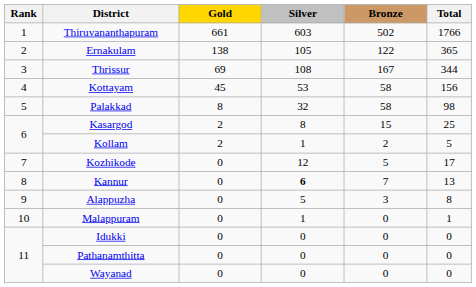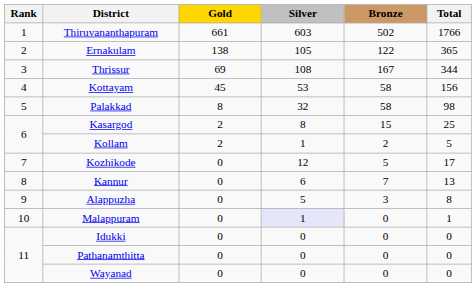 <table class="wikitable sortable" style="font-size:95%;text-align:center;width:50%">
 <tr>
 <th width=2%>Rank</th>
 <th width=10%>District</th>
 <th style="width:10%; background:gold;">Gold</th>
 <th style="width:10%; background:silver;">Silver</th>
 <th style="width:10%; background:#c96;">Bronze</th>
 <th width=4%>Total</th>
 </tr>
 <tr>
 <td>1</td>
 <td><a href='#'>Thiruvananthapuram</a></td>
 <td>661</td>
 <td>603</td>
 <td>502</td>
 <td>1766</td>
 </tr>
 <tr>
 <td>2</td>
 <td><a href='#'>Ernakulam</a></td>
 <td>138</td>
 <td>105</td>
 <td>122</td>
 <td>365</td>
 </tr>
 <tr>
 <td>3</td>
 <td><a href='#'>Thrissur</a></td>
 <td>69</td>
 <td>108</td>
 <td>167</td>
 <td>344</td>
 </tr>
 <tr>
 <td>4</td>
 <td><a href='#'>Kottayam</a></td>
 <td>45</td>
 <td>53</td>
 <td>58</td>
 <td>156</td>
 </tr>
 <tr>
 <td>5</td>
 <td><a href='#'>Palakkad</a></td>
 <td>8</td>
 <td>32</td>
 <td>58</td>
 <td>98</td>
 </tr>
 <tr>
 <td rowspan=2>6</td>
 <td><a href='#'>Kasargod</a></td>
 <td>2</td>
 <td>8</td>
 <td>15</td>
 <td>25</td>
 </tr>
 <tr>
 <td><a href='#'>Kollam</a></td>
 <td>2</td>
 <td>1</td>
 <td>2</td>
 <td>5</td>
 </tr>
 <tr>
 <td>7</td>
 <td><a href='#'>Kozhikode</a></td>
 <td>0</td>
 <td>12</td>
 <td>5</td>
 <td>17</td>
 </tr>
 <tr>
 <td>8</td>
 <td><a href='#'>Kannur</a></td>
 <td>0</td>
-<td><strong>6</strong></td>
+<td>6</td>
 <td>7</td>
 <td>13</td>
 </tr>
 <tr>
 <td>9</td>
 <td><a href='#'>Alappuzha</a></td>
 <td>0</td>
 <td>5</td>
 <td>3</td>
 <td>8</td>
 </tr>
 <tr>
 <td>10</td>
 <td><a href='#'>Malappuram</a></td>
 <td>0</td>
-<td>1</td>
+<td style="background: lavender;">1</td>
 <td>0</td>
 <td>1</td>
 </tr>
 <tr>
 <td rowspan=3>11</td>
 <td><a href='#'>Idukki</a></td>
 <td>0</td>
 <td>0</td>
 <td>0</td>
 <td>0</td>
 </tr>
 <tr>
 <td><a href='#'>Pathanamthitta</a></td>
 <td>0</td>
 <td>0</td>
 <td>0</td>
 <td>0</td>
 </tr>
 <tr>
 <td><a href='#'>Wayanad</a></td>
 <td>0</td>
 <td>0</td>
 <td>0</td>
 <td>0</td>
 </tr>
 </table>
